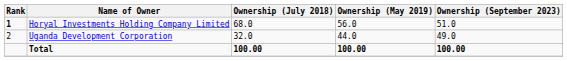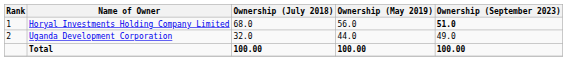 <table class="wikitable sortable" style="margin: 0.5em auto">
 <tr>
 <th>Rank</th>
 <th>Name of Owner</th>
 <th>Ownership (July 2018)</th>
 <th>Ownership (May 2019)</th>
 <th>Ownership (September 2023)</th>
 </tr>
 <tr>
-<td><strong>1</strong></td>
+<td>1</td>
 <td><a href='#'>Horyal Investments Holding Company Limited</a></td>
 <td>68.0</td>
 <td>56.0</td>
-<td>51.0</td>
+<td><strong>51.0</strong></td>
 </tr>
 <tr>
 <td>2</td>
 <td><a href='#'>Uganda Development Corporation</a></td>
 <td>32.0</td>
 <td>44.0</td>
 <td>49.0</td>
 </tr>
 <tr>
 <td></td>
 <td><strong>Total</strong></td>
 <td><strong>100.00</strong></td>
 <td><strong>100.00</strong></td>
 <td><strong>100.00</strong></td>
 </tr>
 <tr>
 </tr>
 </table>
